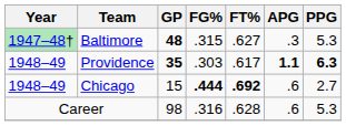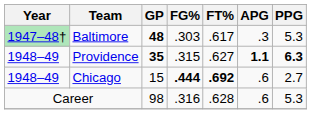 <table class="wikitable sortable" style="font-size:95%; text-align:right;">
 <tr>
 <th>Year</th>
 <th>Team</th>
 <th>GP</th>
 <th>FG%</th>
 <th>FT%</th>
 <th>APG</th>
 <th>PPG</th>
 </tr>
 <tr>
 <td style="text-align:left; background:#afe6ba;"><a href='#'>1947–48</a>†</td>
 <td style="text-align:left;"><a href='#'>Baltimore</a></td>
 <td><strong>48</strong></td>
-<td>.315</td>
-<td>.627</td>
+<td>.303</td>
+<td>.617</td>
 <td>.3</td>
 <td>5.3</td>
 </tr>
 <tr>
 <td style="text-align:left;"><a href='#'>1948–49</a></td>
 <td style="text-align:left;"><a href='#'>Providence</a></td>
 <td><strong>35</strong></td>
-<td>.303</td>
-<td>.617</td>
+<td>.315</td>
+<td>.627</td>
 <td><strong>1.1</strong></td>
 <td><strong>6.3</strong></td>
 </tr>
 <tr>
 <td style="text-align:left;"><a href='#'>1948–49</a></td>
 <td style="text-align:left;"><a href='#'>Chicago</a></td>
 <td>15</td>
 <td><strong>.444</strong></td>
 <td><strong>.692</strong></td>
 <td>.6</td>
 <td>2.7</td>
 </tr>
 <tr>
 <td style="text-align:center;" colspan="2">Career</td>
 <td>98</td>
 <td>.316</td>
 <td>.628</td>
 <td>.6</td>
 <td>5.3</td>
 </tr>
 <tr>
 </tr>
 </table>
